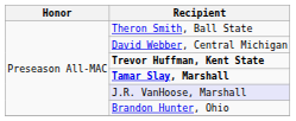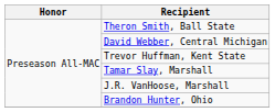 <table class="wikitable" border="1">
 <tr>
 <th>Honor</th>
 <th>Recipient</th>
 </tr>
 <tr>
 <td rowspan=6 valign=middle>Preseason All-MAC</td>
 <td><a href='#'>Theron Smith</a>, Ball State</td>
 </tr>
 <tr>
 <td><a href='#'>David Webber</a>, Central Michigan</td>
 </tr>
 <tr>
-<td><strong>Trevor Huffman, Kent State</strong></td>
+<td>Trevor Huffman, Kent State</td>
 </tr>
 <tr>
-<td><strong><a href='#'>Tamar Slay</a>, Marshall</strong></td>
+<td><a href='#'>Tamar Slay</a>, Marshall</td>
 </tr>
 <tr>
-<td style="background: lavender;">J.R. VanHoose, Marshall</td>
+<td>J.R. VanHoose, Marshall</td>
 </tr>
 <tr>
 <td><a href='#'>Brandon Hunter</a>, Ohio</td>
 </tr>
 <tr>
 </tr>
 </table>
